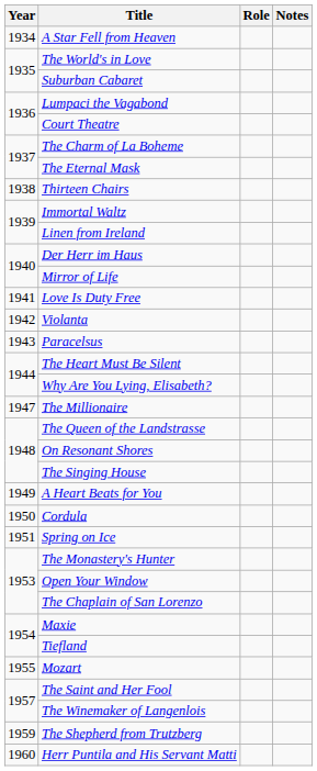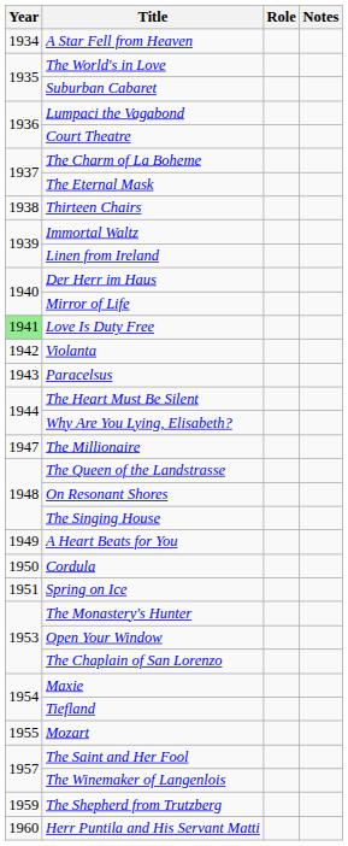 <table class="wikitable sortable">
 <tr>
 <th>Year</th>
 <th>Title</th>
 <th>Role</th>
 <th class="unsortable">Notes</th>
 </tr>
 <tr>
 <td>1934</td>
 <td><em><a href='#'>A Star Fell from Heaven</a></em></td>
 <td></td>
 <td></td>
 </tr>
 <tr>
 <td rowspan=2>1935</td>
 <td><em><a href='#'>The World's in Love</a></em></td>
 <td></td>
 <td></td>
 </tr>
 <tr>
 <td><em><a href='#'>Suburban Cabaret</a></em></td>
 <td></td>
 <td></td>
 </tr>
 <tr>
 <td rowspan=2>1936</td>
 <td><em><a href='#'>Lumpaci the Vagabond</a></em></td>
 <td></td>
 <td></td>
 </tr>
 <tr>
 <td><em><a href='#'>Court Theatre</a></em></td>
 <td></td>
 <td></td>
 </tr>
 <tr>
 <td rowspan=2>1937</td>
 <td><em><a href='#'>The Charm of La Boheme</a></em></td>
 <td></td>
 <td></td>
 </tr>
 <tr>
 <td><em><a href='#'>The Eternal Mask</a></em></td>
 <td></td>
 <td></td>
 </tr>
 <tr>
 <td>1938</td>
 <td><em><a href='#'>Thirteen Chairs</a></em></td>
 <td></td>
 <td></td>
 </tr>
 <tr>
 <td rowspan=2>1939</td>
 <td><em><a href='#'>Immortal Waltz</a></em></td>
 <td></td>
 <td></td>
 </tr>
 <tr>
 <td><em><a href='#'>Linen from Ireland</a></em></td>
 <td></td>
 <td></td>
 </tr>
 <tr>
 <td rowspan=2>1940</td>
 <td><em><a href='#'>Der Herr im Haus</a></em></td>
 <td></td>
 <td></td>
 </tr>
 <tr>
 <td><em><a href='#'>Mirror of Life</a></em></td>
 <td></td>
 <td></td>
 </tr>
 <tr>
-<td>1941</td>
+<td style="background: lightgreen;">1941</td>
 <td><em><a href='#'>Love Is Duty Free</a></em></td>
 <td></td>
 <td></td>
 </tr>
 <tr>
 <td>1942</td>
 <td><em><a href='#'>Violanta</a></em></td>
 <td></td>
 <td></td>
 </tr>
 <tr>
 <td>1943</td>
 <td><em><a href='#'>Paracelsus</a></em></td>
 <td></td>
 <td></td>
 </tr>
 <tr>
 <td rowspan=2>1944</td>
 <td><em><a href='#'>The Heart Must Be Silent</a></em></td>
 <td></td>
 <td></td>
 </tr>
 <tr>
 <td><em><a href='#'>Why Are You Lying, Elisabeth?</a></em></td>
 <td></td>
 <td></td>
 </tr>
 <tr>
 <td>1947</td>
 <td><em><a href='#'>The Millionaire</a></em></td>
 <td></td>
 <td></td>
 </tr>
 <tr>
 <td rowspan=3>1948</td>
 <td><em><a href='#'>The Queen of the Landstrasse</a></em></td>
 <td></td>
 <td></td>
 </tr>
 <tr>
 <td><em><a href='#'>On Resonant Shores</a></em></td>
 <td></td>
 <td></td>
 </tr>
 <tr>
 <td><em><a href='#'>The Singing House</a></em></td>
 <td></td>
 <td></td>
 </tr>
 <tr>
 <td>1949</td>
 <td><em><a href='#'>A Heart Beats for You</a></em></td>
 <td></td>
 <td></td>
 </tr>
 <tr>
 <td>1950</td>
 <td><em><a href='#'>Cordula</a></em></td>
 <td></td>
 <td></td>
 </tr>
 <tr>
 <td>1951</td>
 <td><em><a href='#'>Spring on Ice</a></em></td>
 <td></td>
 <td></td>
 </tr>
 <tr>
 <td rowspan=3>1953</td>
 <td><em><a href='#'>The Monastery's Hunter</a></em></td>
 <td></td>
 <td></td>
 </tr>
 <tr>
 <td><em><a href='#'>Open Your Window</a></em></td>
 <td></td>
 <td></td>
 </tr>
 <tr>
 <td><em><a href='#'>The Chaplain of San Lorenzo</a></em></td>
 <td></td>
 <td></td>
 </tr>
 <tr>
 <td rowspan=2>1954</td>
 <td><em><a href='#'>Maxie</a></em></td>
 <td></td>
 <td></td>
 </tr>
 <tr>
 <td><em><a href='#'>Tiefland</a></em></td>
 <td></td>
 <td></td>
 </tr>
 <tr>
 <td>1955</td>
 <td><em><a href='#'>Mozart</a></em></td>
 <td></td>
 <td></td>
 </tr>
 <tr>
 <td rowspan=2>1957</td>
 <td><em><a href='#'>The Saint and Her Fool</a></em></td>
 <td></td>
 <td></td>
 </tr>
 <tr>
 <td><em><a href='#'>The Winemaker of Langenlois</a></em></td>
 <td></td>
 <td></td>
 </tr>
 <tr>
 <td>1959</td>
 <td><em><a href='#'>The Shepherd from Trutzberg</a></em></td>
 <td></td>
 <td></td>
 </tr>
 <tr>
 <td>1960</td>
 <td><em><a href='#'>Herr Puntila and His Servant Matti</a></em></td>
 <td></td>
 <td></td>
 </tr>
 </table>
